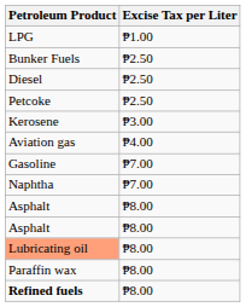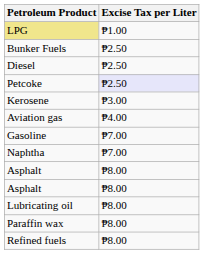 <table class="wikitable">
 <tr>
 <th>Petroleum Product</th>
 <th>Excise Tax per Liter</th>
 </tr>
 <tr>
-<td>LPG</td>
+<td style="background: khaki;">LPG</td>
 <td>₱1.00</td>
 </tr>
 <tr>
 <td>Bunker Fuels</td>
 <td>₱2.50</td>
 </tr>
 <tr>
 <td>Diesel</td>
 <td>₱2.50</td>
 </tr>
 <tr>
 <td>Petcoke</td>
-<td>₱2.50</td>
+<td style="background: lavender;">₱2.50</td>
 </tr>
 <tr>
 <td>Kerosene</td>
 <td>₱3.00</td>
 </tr>
 <tr>
 <td>Aviation gas</td>
 <td>₱4.00</td>
 </tr>
 <tr>
 <td>Gasoline</td>
 <td>₱7.00</td>
 </tr>
 <tr>
 <td>Naphtha</td>
 <td>₱7.00</td>
 </tr>
 <tr>
 <td>Asphalt</td>
 <td>₱8.00</td>
 </tr>
 <tr>
 <td>Asphalt</td>
 <td>₱8.00</td>
 </tr>
 <tr>
-<td style="background: lightsalmon;">Lubricating oil</td>
+<td>Lubricating oil</td>
 <td>₱8.00</td>
 </tr>
 <tr>
 <td>Paraffin wax</td>
 <td>₱8.00</td>
 </tr>
 <tr>
-<td><strong>Refined fuels</strong></td>
+<td>Refined fuels</td>
 <td>₱8.00</td>
 </tr>
 </table>
